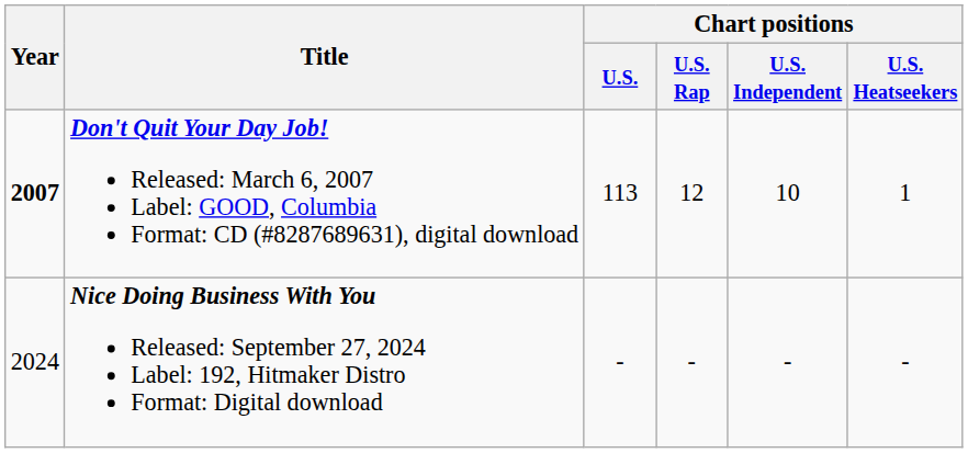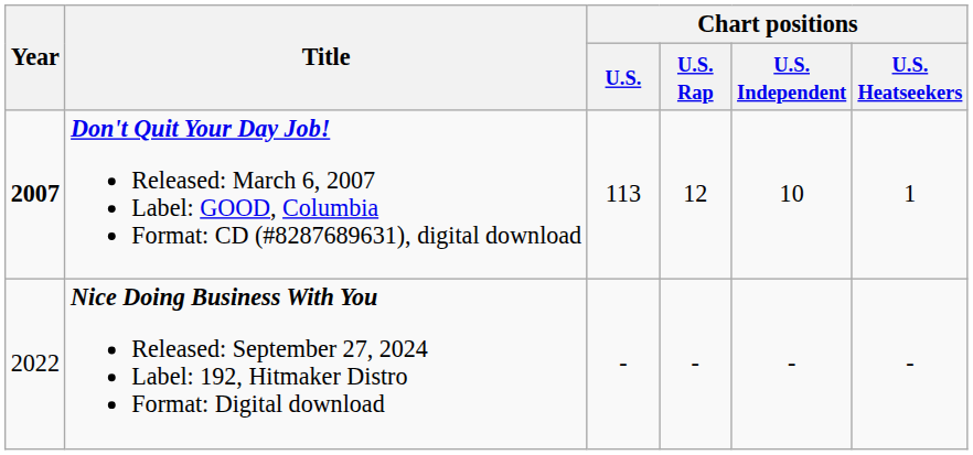 <table class="wikitable">
 <tr>
 <th rowspan="2">Year</th>
 <th rowspan="2">Title</th>
 <th colspan="4">Chart positions</th>
 </tr>
 <tr>
 <th width=40><small><a href='#'>U.S.</a></small></th>
 <th width="40"><small><a href='#'>U.S. Rap</a></small></th>
 <th width="40"><small><a href='#'>U.S. Independent</a></small></th>
 <th width=40><small><a href='#'>U.S. Heatseekers</a></small></th>
 </tr>
 <tr>
 <td><strong>2007</strong></td>
 <td><strong><em><a href='#'>Don't Quit Your Day Job!</a></em></strong><br><ul><li>Released: March 6, 2007</li><li>Label: <a href='#'>GOOD</a>, <a href='#'>Columbia</a></li><li>Format: CD (#8287689631), digital download</li></ul></td>
 <td align=center>113</td>
 <td align=center>12</td>
 <td align=center>10</td>
 <td align=center>1</td>
 </tr>
 <tr>
-<td>2024</td>
+<td>2022</td>
 <td><strong><em> Nice Doing Business With You</em></strong><br><ul><li>Released: September 27, 2024</li><li>Label: 192, Hitmaker Distro</li><li>Format: Digital download</li></ul></td>
 <td align=center>-</td>
 <td align=center>-</td>
 <td align=center>-</td>
 <td align=center>-</td>
 </tr>
 </table>
